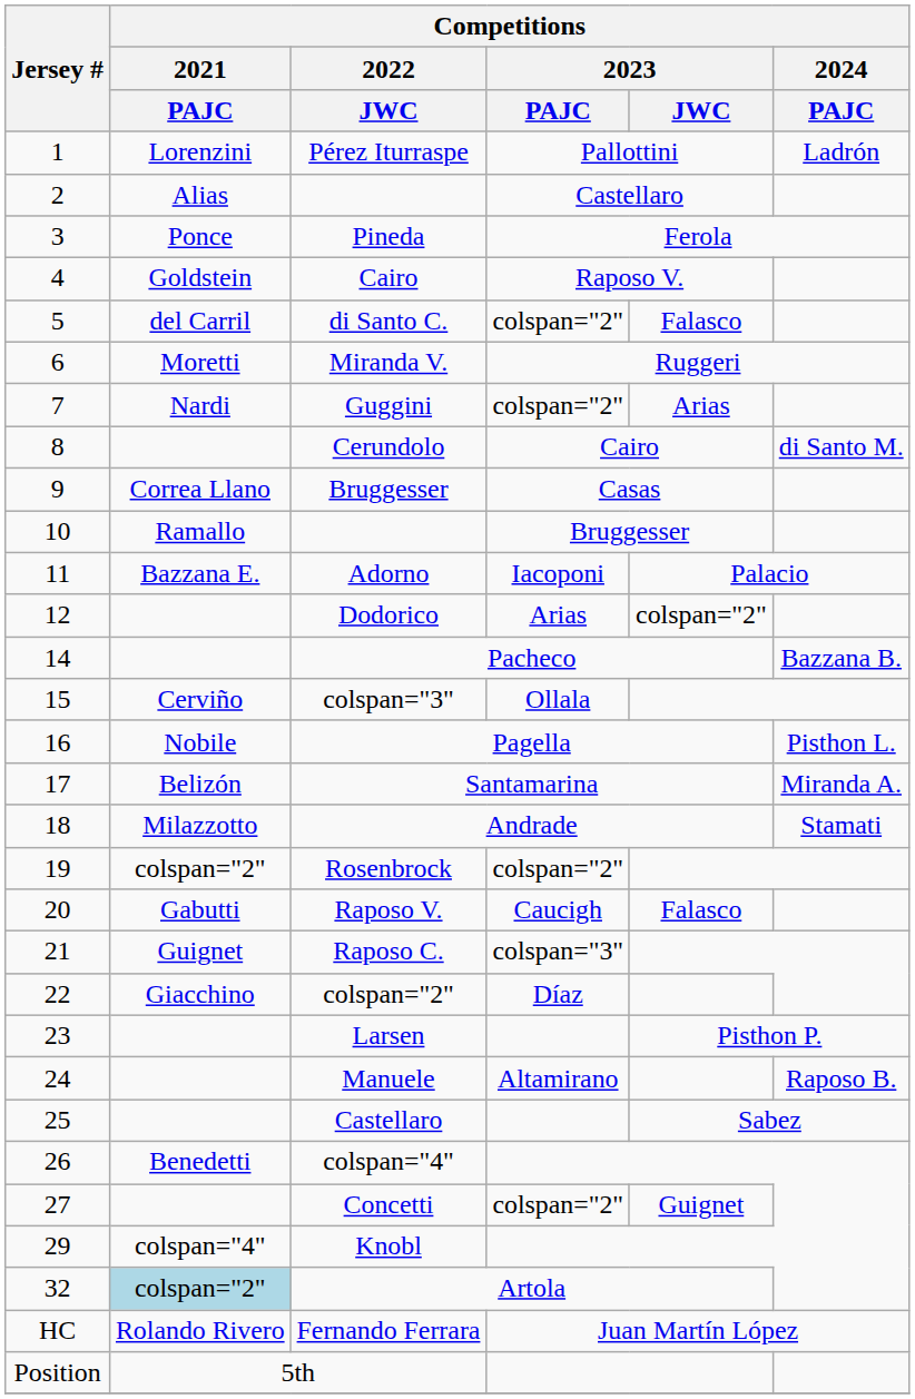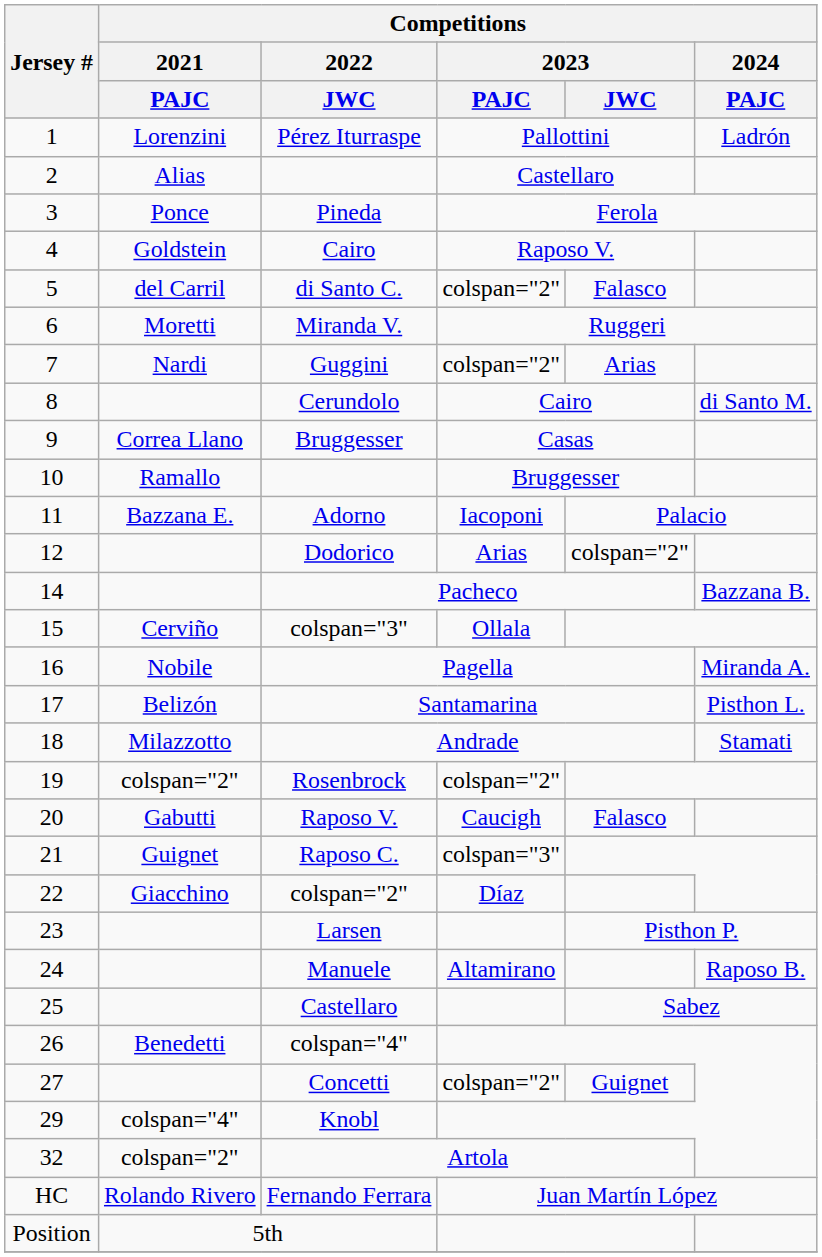 <table class="wikitable" style="text-align:center">
 <tr>
 <th rowspan="3">Jersey #</th>
 <th colspan="5">Competitions</th>
 </tr>
 <tr>
 <th>2021</th>
 <th>2022</th>
 <th colspan="2">2023</th>
 <th>2024</th>
 </tr>
 <tr>
 <th><a href='#'>PAJC</a></th>
 <th><a href='#'>JWC</a></th>
 <th><a href='#'>PAJC</a></th>
 <th><a href='#'>JWC</a></th>
 <th><a href='#'>PAJC</a></th>
 </tr>
 <tr>
 <td>1</td>
 <td><a href='#'>Lorenzini</a></td>
 <td><a href='#'>Pérez Iturraspe</a></td>
 <td colspan="2"><a href='#'>Pallottini</a></td>
 <td><a href='#'>Ladrón</a></td>
 </tr>
 <tr>
 <td>2</td>
 <td><a href='#'>Alias</a></td>
 <td></td>
 <td colspan="2"><a href='#'>Castellaro</a></td>
 <td></td>
 </tr>
 <tr>
 <td>3</td>
 <td><a href='#'>Ponce</a></td>
 <td><a href='#'>Pineda</a></td>
 <td colspan="3"><a href='#'>Ferola</a></td>
 </tr>
 <tr>
 <td>4</td>
 <td><a href='#'>Goldstein</a></td>
 <td><a href='#'>Cairo</a></td>
 <td colspan="2"><a href='#'>Raposo V.</a></td>
 <td></td>
 </tr>
 <tr>
 <td>5</td>
 <td><a href='#'>del Carril</a></td>
 <td><a href='#'>di Santo C.</a></td>
 <td>colspan="2"</td>
 <td><a href='#'>Falasco</a></td>
 </tr>
 <tr>
 <td>6</td>
 <td><a href='#'>Moretti</a></td>
 <td><a href='#'>Miranda V.</a></td>
 <td colspan="3"><a href='#'>Ruggeri</a></td>
 </tr>
 <tr>
 <td>7</td>
 <td><a href='#'>Nardi</a></td>
 <td><a href='#'>Guggini</a></td>
 <td>colspan="2"</td>
 <td><a href='#'>Arias</a></td>
 </tr>
 <tr>
 <td>8</td>
 <td></td>
 <td><a href='#'>Cerundolo</a></td>
 <td colspan="2"><a href='#'>Cairo</a></td>
 <td><a href='#'>di Santo M.</a></td>
 </tr>
 <tr>
 <td>9</td>
 <td><a href='#'>Correa Llano</a></td>
 <td><a href='#'>Bruggesser</a></td>
 <td colspan="2"><a href='#'>Casas</a></td>
 <td></td>
 </tr>
 <tr>
 <td>10</td>
 <td><a href='#'>Ramallo</a></td>
 <td></td>
 <td colspan="2"><a href='#'>Bruggesser</a></td>
 <td></td>
 </tr>
 <tr>
 <td>11</td>
 <td><a href='#'>Bazzana E.</a></td>
 <td><a href='#'>Adorno</a></td>
 <td><a href='#'>Iacoponi</a></td>
 <td colspan="2"><a href='#'>Palacio</a></td>
 </tr>
 <tr>
 <td>12</td>
 <td></td>
 <td><a href='#'>Dodorico</a></td>
 <td><a href='#'>Arias</a></td>
 <td>colspan="2"</td>
 </tr>
 <tr>
 <td>14</td>
 <td></td>
 <td colspan="3"><a href='#'>Pacheco</a></td>
 <td><a href='#'>Bazzana B.</a></td>
 </tr>
 <tr>
 <td>15</td>
 <td><a href='#'>Cerviño</a></td>
 <td>colspan="3"</td>
 <td><a href='#'>Ollala</a></td>
 </tr>
 <tr>
 <td>16</td>
 <td><a href='#'>Nobile</a></td>
 <td colspan="3"><a href='#'>Pagella</a></td>
-<td><a href='#'>Pisthon L.</a></td>
+<td><a href='#'>Miranda A.</a></td>
 </tr>
 <tr>
 <td>17</td>
 <td><a href='#'>Belizón</a></td>
 <td colspan="3"><a href='#'>Santamarina</a></td>
-<td><a href='#'>Miranda A.</a></td>
+<td><a href='#'>Pisthon L.</a></td>
 </tr>
 <tr>
 <td>18</td>
 <td><a href='#'>Milazzotto</a></td>
 <td colspan="3"><a href='#'>Andrade</a></td>
 <td><a href='#'>Stamati</a></td>
 </tr>
 <tr>
 <td>19</td>
 <td>colspan="2"</td>
 <td><a href='#'>Rosenbrock</a></td>
 <td>colspan="2"</td>
 </tr>
 <tr>
 <td>20</td>
 <td><a href='#'>Gabutti</a></td>
 <td><a href='#'>Raposo V.</a></td>
 <td><a href='#'>Caucigh</a></td>
 <td><a href='#'>Falasco</a></td>
 <td></td>
 </tr>
 <tr>
 <td>21</td>
 <td><a href='#'>Guignet</a></td>
 <td><a href='#'>Raposo C.</a></td>
 <td>colspan="3"</td>
 </tr>
 <tr>
 <td>22</td>
 <td><a href='#'>Giacchino</a></td>
 <td>colspan="2"</td>
 <td><a href='#'>Díaz</a></td>
 <td></td>
 </tr>
 <tr>
 <td>23</td>
 <td></td>
 <td><a href='#'>Larsen</a></td>
 <td></td>
 <td colspan="2"><a href='#'>Pisthon P.</a></td>
 </tr>
 <tr>
 <td>24</td>
 <td></td>
 <td><a href='#'>Manuele</a></td>
 <td><a href='#'>Altamirano</a></td>
 <td></td>
 <td><a href='#'>Raposo B.</a></td>
 </tr>
 <tr>
 <td>25</td>
 <td></td>
 <td><a href='#'>Castellaro</a></td>
 <td></td>
 <td colspan="2"><a href='#'>Sabez</a></td>
 </tr>
 <tr>
 <td>26</td>
 <td><a href='#'>Benedetti</a></td>
 <td>colspan="4"</td>
 </tr>
 <tr>
 <td>27</td>
 <td></td>
 <td><a href='#'>Concetti</a></td>
 <td>colspan="2"</td>
 <td><a href='#'>Guignet</a></td>
 </tr>
 <tr>
 <td>29</td>
 <td>colspan="4"</td>
 <td><a href='#'>Knobl</a></td>
 </tr>
 <tr>
 <td>32</td>
-<td style="background: lightblue;">colspan="2"</td>
+<td>colspan="2"</td>
 <td colspan="3"><a href='#'>Artola</a></td>
 </tr>
 <tr>
 <td>HC</td>
 <td><a href='#'>Rolando Rivero</a></td>
 <td><a href='#'>Fernando Ferrara</a></td>
 <td colspan="3"><a href='#'>Juan Martín López</a></td>
 </tr>
 <tr>
 <td>Position</td>
 <td colspan="2">5th</td>
 <td colspan="2"></td>
 <td></td>
 </tr>
 <tr>
 </tr>
 </table>
